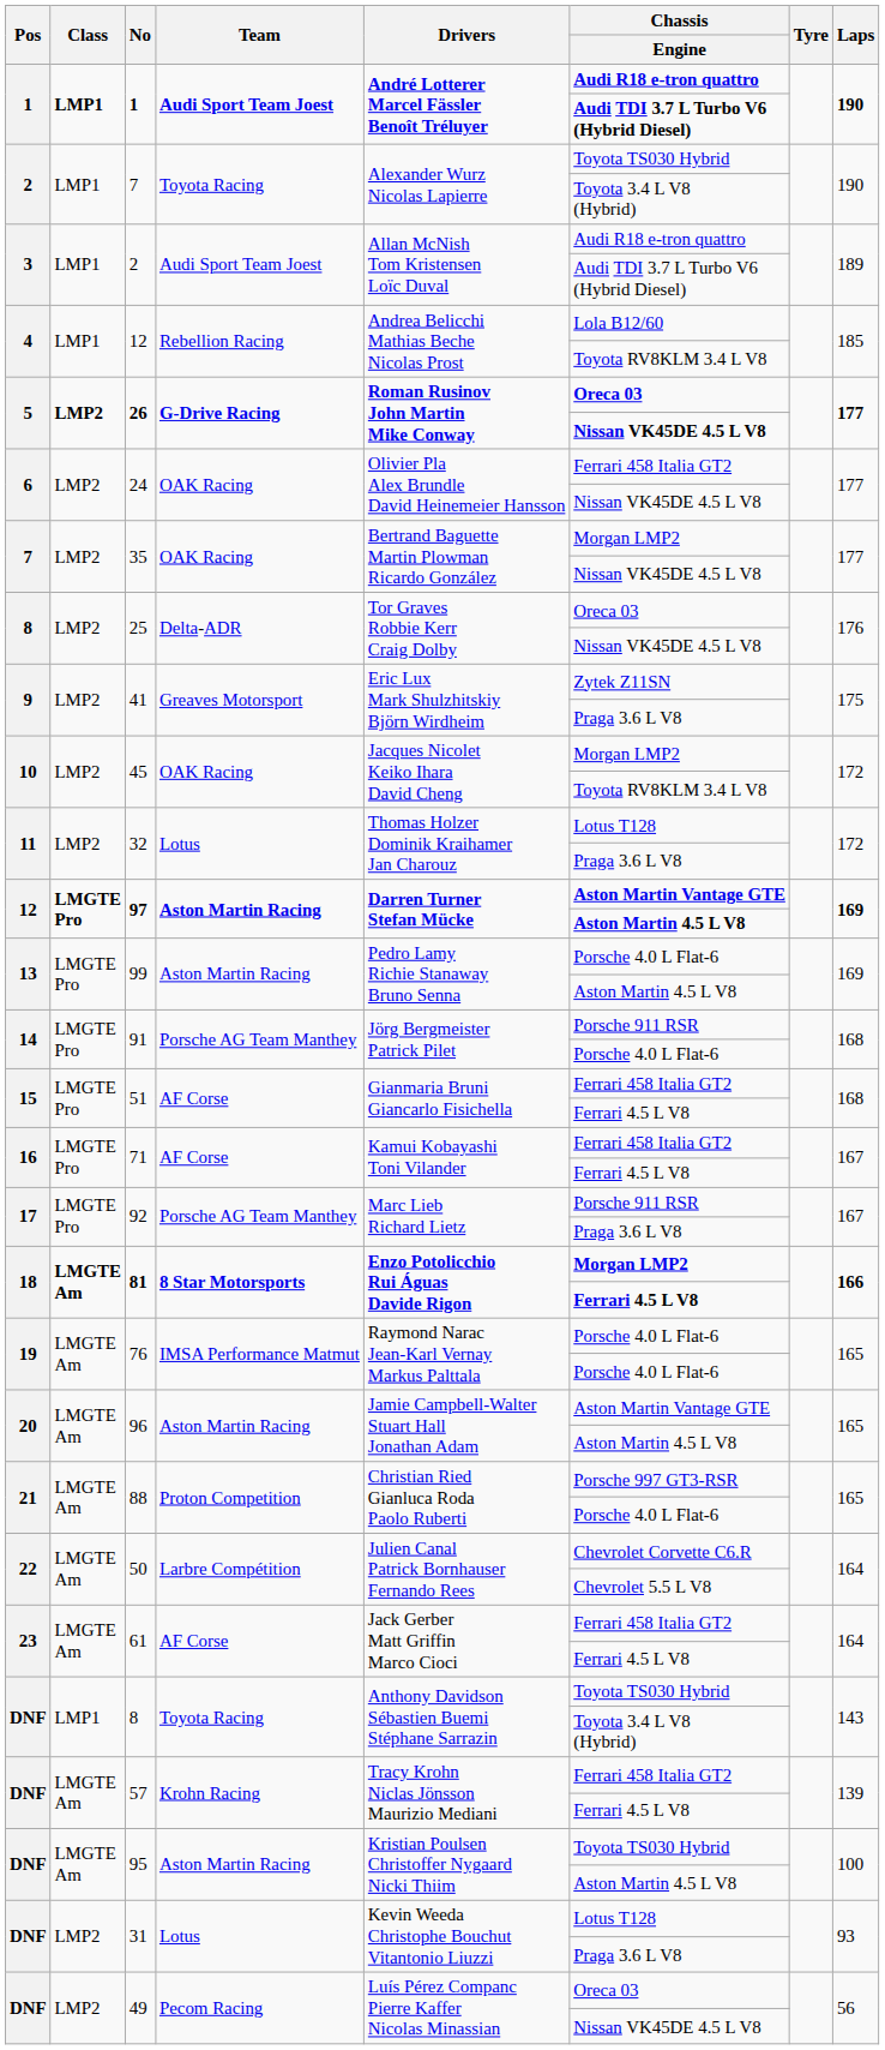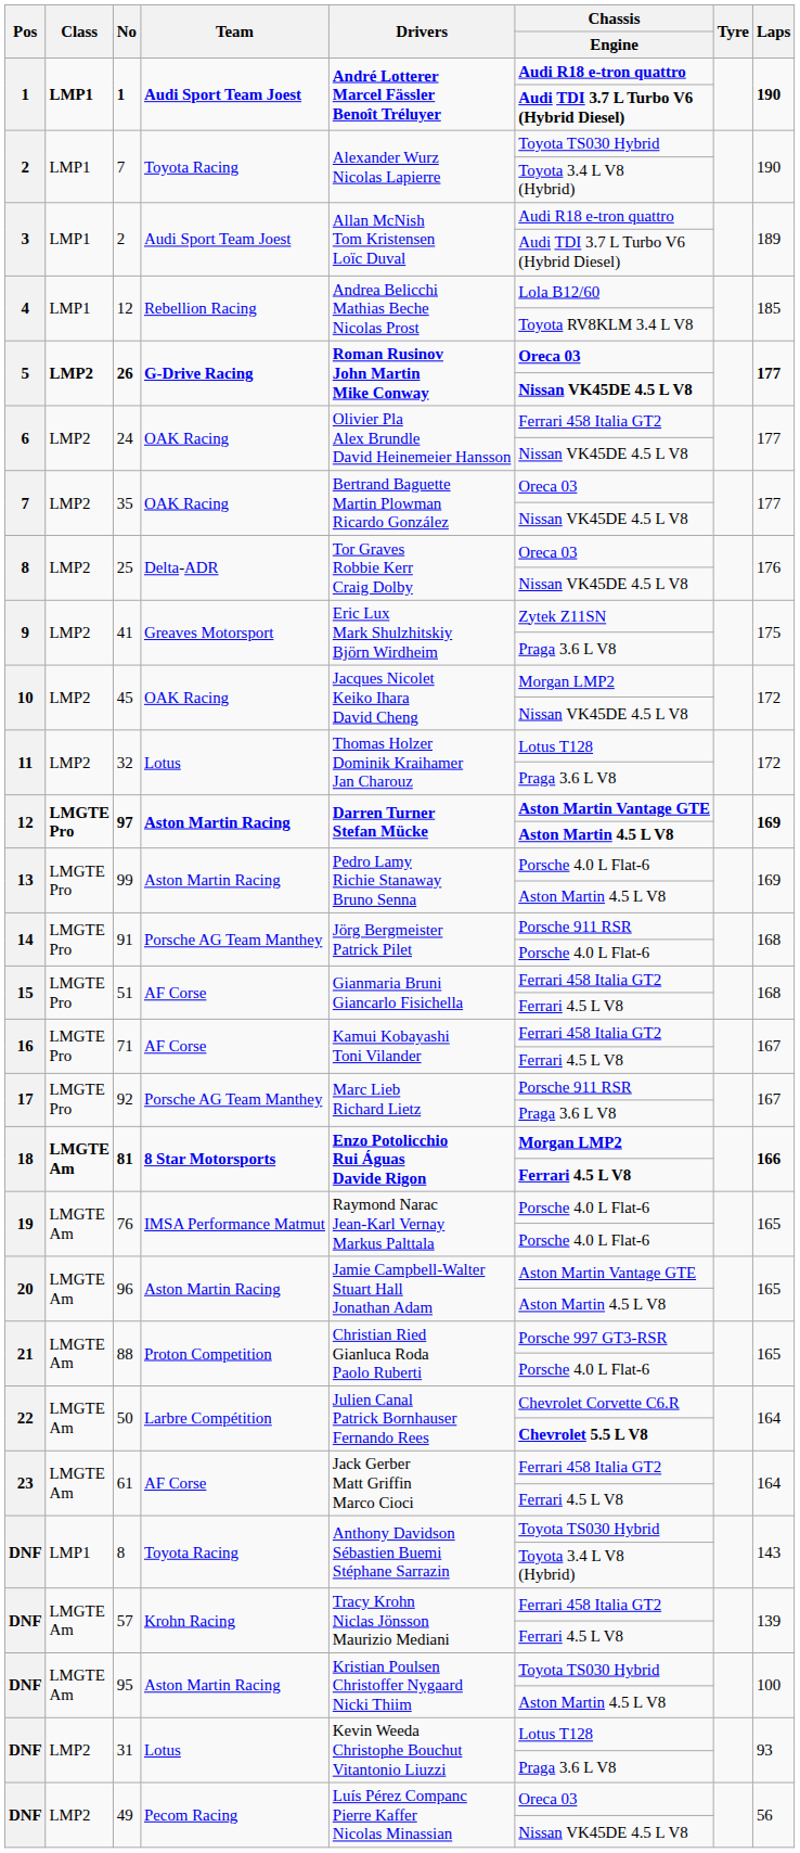 <table class="wikitable" style="font-size: 95%;">
 <tr>
 <th rowspan=2>Pos</th>
 <th rowspan=2>Class</th>
 <th rowspan=2>No</th>
 <th rowspan=2>Team</th>
 <th rowspan=2>Drivers</th>
 <th>Chassis</th>
 <th rowspan=2>Tyre</th>
 <th rowspan=2>Laps</th>
 </tr>
 <tr>
 <th>Engine</th>
 </tr>
 <tr style="font-weight:bold">
 <th rowspan=2>1</th>
 <td rowspan=2>LMP1</td>
 <td rowspan=2>1</td>
 <td rowspan=2> <a href='#'>Audi Sport Team Joest</a></td>
 <td rowspan=2> <a href='#'>André Lotterer</a><br> <a href='#'>Marcel Fässler</a><br> <a href='#'>Benoît Tréluyer</a></td>
 <td><a href='#'>Audi R18 e-tron quattro</a></td>
 <td rowspan=2></td>
 <td rowspan=2>190</td>
 </tr>
 <tr style="font-weight:bold">
 <td><a href='#'>Audi</a> <a href='#'>TDI</a> 3.7 L Turbo V6<br>(Hybrid Diesel)</td>
 </tr>
 <tr>
 <th rowspan=2>2</th>
 <td rowspan=2>LMP1</td>
 <td rowspan=2>7</td>
 <td rowspan=2> <a href='#'>Toyota Racing</a></td>
 <td rowspan=2> <a href='#'>Alexander Wurz</a><br> <a href='#'>Nicolas Lapierre</a></td>
 <td><a href='#'>Toyota TS030 Hybrid</a></td>
 <td rowspan=2></td>
 <td rowspan=2>190</td>
 </tr>
 <tr>
 <td><a href='#'>Toyota</a> 3.4 L V8<br>(Hybrid)</td>
 </tr>
 <tr>
 <th rowspan=2>3</th>
 <td rowspan=2>LMP1</td>
 <td rowspan=2>2</td>
 <td rowspan=2> <a href='#'>Audi Sport Team Joest</a></td>
 <td rowspan=2> <a href='#'>Allan McNish</a><br> <a href='#'>Tom Kristensen</a><br> <a href='#'>Loïc Duval</a></td>
 <td><a href='#'>Audi R18 e-tron quattro</a></td>
 <td rowspan=2></td>
 <td rowspan=2>189</td>
 </tr>
 <tr>
 <td><a href='#'>Audi</a> <a href='#'>TDI</a> 3.7 L Turbo V6<br>(Hybrid Diesel)</td>
 </tr>
 <tr>
 <th rowspan=2>4</th>
 <td rowspan=2>LMP1</td>
 <td rowspan=2>12</td>
 <td rowspan=2> <a href='#'>Rebellion Racing</a></td>
 <td rowspan=2> <a href='#'>Andrea Belicchi</a><br> <a href='#'>Mathias Beche</a><br> <a href='#'>Nicolas Prost</a></td>
 <td><a href='#'>Lola B12/60</a></td>
 <td rowspan=2></td>
 <td rowspan=2>185</td>
 </tr>
 <tr>
 <td><a href='#'>Toyota</a> RV8KLM 3.4 L V8</td>
 </tr>
 <tr style="font-weight:bold">
 <th rowspan=2>5</th>
 <td rowspan=2>LMP2</td>
 <td rowspan=2>26</td>
 <td rowspan=2> <a href='#'>G-Drive Racing</a></td>
 <td rowspan=2> <a href='#'>Roman Rusinov</a><br> <a href='#'>John Martin</a><br> <a href='#'>Mike Conway</a></td>
 <td><a href='#'>Oreca 03</a></td>
 <td rowspan=2></td>
 <td rowspan=2>177</td>
 </tr>
 <tr style="font-weight:bold">
 <td><a href='#'>Nissan</a> VK45DE 4.5 L V8</td>
 </tr>
 <tr>
 <th rowspan=2>6</th>
 <td rowspan=2>LMP2</td>
 <td rowspan=2>24</td>
 <td rowspan=2> <a href='#'>OAK Racing</a></td>
 <td rowspan=2> <a href='#'>Olivier Pla</a><br> <a href='#'>Alex Brundle</a><br> <a href='#'>David Heinemeier Hansson</a></td>
 <td><a href='#'>Ferrari 458 Italia GT2</a></td>
 <td rowspan=2></td>
 <td rowspan=2>177</td>
 </tr>
 <tr>
 <td><a href='#'>Nissan</a> VK45DE 4.5 L V8</td>
 </tr>
 <tr>
 <th rowspan=2>7</th>
 <td rowspan=2>LMP2</td>
 <td rowspan=2>35</td>
 <td rowspan=2> <a href='#'>OAK Racing</a></td>
 <td rowspan=2> <a href='#'>Bertrand Baguette</a><br> <a href='#'>Martin Plowman</a><br> <a href='#'>Ricardo González</a></td>
-<td><a href='#'>Morgan LMP2</a></td>
+<td><a href='#'>Oreca 03</a></td>
 <td rowspan=2></td>
 <td rowspan=2>177</td>
 </tr>
 <tr>
 <td><a href='#'>Nissan</a> VK45DE 4.5 L V8</td>
 </tr>
 <tr>
 <th rowspan=2>8</th>
 <td rowspan=2>LMP2</td>
 <td rowspan=2>25</td>
 <td rowspan=2> <a href='#'>Delta</a>-<a href='#'>ADR</a></td>
 <td rowspan=2> <a href='#'>Tor Graves</a><br> <a href='#'>Robbie Kerr</a><br> <a href='#'>Craig Dolby</a></td>
 <td><a href='#'>Oreca 03</a></td>
 <td rowspan=2></td>
 <td rowspan=2>176</td>
 </tr>
 <tr>
 <td><a href='#'>Nissan</a> VK45DE 4.5 L V8</td>
 </tr>
 <tr>
 <th rowspan=2>9</th>
 <td rowspan=2>LMP2</td>
 <td rowspan=2>41</td>
 <td rowspan=2> <a href='#'>Greaves Motorsport</a></td>
 <td rowspan=2> <a href='#'>Eric Lux</a><br> <a href='#'>Mark Shulzhitskiy</a><br> <a href='#'>Björn Wirdheim</a></td>
 <td><a href='#'>Zytek Z11SN</a></td>
 <td rowspan=2></td>
 <td rowspan=2>175</td>
 </tr>
 <tr>
 <td><a href='#'>Praga</a> 3.6 L V8</td>
 </tr>
 <tr>
 <th rowspan=2>10</th>
 <td rowspan=2>LMP2</td>
 <td rowspan=2>45</td>
 <td rowspan=2> <a href='#'>OAK Racing</a></td>
 <td rowspan=2> <a href='#'>Jacques Nicolet</a><br> <a href='#'>Keiko Ihara</a><br> <a href='#'>David Cheng</a></td>
 <td><a href='#'>Morgan LMP2</a></td>
 <td rowspan=2></td>
 <td rowspan=2>172</td>
 </tr>
 <tr>
-<td><a href='#'>Toyota</a> RV8KLM 3.4 L V8</td>
+<td><a href='#'>Nissan</a> VK45DE 4.5 L V8</td>
 </tr>
 <tr>
 <th rowspan=2>11</th>
 <td rowspan=2>LMP2</td>
 <td rowspan=2>32</td>
 <td rowspan=2> <a href='#'>Lotus</a></td>
 <td rowspan=2> <a href='#'>Thomas Holzer</a><br> <a href='#'>Dominik Kraihamer</a><br> <a href='#'>Jan Charouz</a></td>
 <td><a href='#'>Lotus T128</a></td>
 <td rowspan=2></td>
 <td rowspan=2>172</td>
 </tr>
 <tr>
 <td><a href='#'>Praga</a> 3.6 L V8</td>
 </tr>
 <tr style="font-weight:bold">
 <th rowspan=2>12</th>
 <td rowspan=2>LMGTE<br>Pro</td>
 <td rowspan=2>97</td>
 <td rowspan=2> <a href='#'>Aston Martin Racing</a></td>
 <td rowspan=2> <a href='#'>Darren Turner</a><br> <a href='#'>Stefan Mücke</a></td>
 <td><a href='#'>Aston Martin Vantage GTE</a></td>
 <td rowspan=2></td>
 <td rowspan=2>169</td>
 </tr>
 <tr style="font-weight:bold">
 <td><a href='#'>Aston Martin</a> 4.5 L V8</td>
 </tr>
 <tr>
 <th rowspan=2>13</th>
 <td rowspan=2>LMGTE<br>Pro</td>
 <td rowspan=2>99</td>
 <td rowspan=2> <a href='#'>Aston Martin Racing</a></td>
 <td rowspan=2> <a href='#'>Pedro Lamy</a><br> <a href='#'>Richie Stanaway</a><br> <a href='#'>Bruno Senna</a></td>
 <td><a href='#'>Porsche</a> 4.0 L Flat-6</td>
 <td rowspan=2></td>
 <td rowspan=2>169</td>
 </tr>
 <tr>
 <td><a href='#'>Aston Martin</a> 4.5 L V8</td>
 </tr>
 <tr>
 <th rowspan=2>14</th>
 <td rowspan=2>LMGTE<br>Pro</td>
 <td rowspan=2>91</td>
 <td rowspan=2> <a href='#'>Porsche AG Team Manthey</a></td>
 <td rowspan=2> <a href='#'>Jörg Bergmeister</a><br> <a href='#'>Patrick Pilet</a></td>
 <td><a href='#'>Porsche 911 RSR</a></td>
 <td rowspan=2></td>
 <td rowspan=2>168</td>
 </tr>
 <tr>
 <td><a href='#'>Porsche</a> 4.0 L Flat-6</td>
 </tr>
 <tr>
 <th rowspan=2>15</th>
 <td rowspan=2>LMGTE<br>Pro</td>
 <td rowspan=2>51</td>
 <td rowspan=2> <a href='#'>AF Corse</a></td>
 <td rowspan=2> <a href='#'>Gianmaria Bruni</a><br> <a href='#'>Giancarlo Fisichella</a></td>
 <td><a href='#'>Ferrari 458 Italia GT2</a></td>
 <td rowspan=2></td>
 <td rowspan=2>168</td>
 </tr>
 <tr>
 <td><a href='#'>Ferrari</a> 4.5 L V8</td>
 </tr>
 <tr>
 <th rowspan=2>16</th>
 <td rowspan=2>LMGTE<br>Pro</td>
 <td rowspan=2>71</td>
 <td rowspan=2> <a href='#'>AF Corse</a></td>
 <td rowspan=2> <a href='#'>Kamui Kobayashi</a><br> <a href='#'>Toni Vilander</a></td>
 <td><a href='#'>Ferrari 458 Italia GT2</a></td>
 <td rowspan=2></td>
 <td rowspan=2>167</td>
 </tr>
 <tr>
 <td><a href='#'>Ferrari</a> 4.5 L V8</td>
 </tr>
 <tr>
 <th rowspan=2>17</th>
 <td rowspan=2>LMGTE<br>Pro</td>
 <td rowspan=2>92</td>
 <td rowspan=2> <a href='#'>Porsche AG Team Manthey</a></td>
 <td rowspan=2> <a href='#'>Marc Lieb</a><br> <a href='#'>Richard Lietz</a></td>
 <td><a href='#'>Porsche 911 RSR</a></td>
 <td rowspan=2></td>
 <td rowspan=2>167</td>
 </tr>
 <tr>
 <td><a href='#'>Praga</a> 3.6 L V8</td>
 </tr>
 <tr style="font-weight:bold">
 <th rowspan=2>18</th>
 <td rowspan=2>LMGTE<br>Am</td>
 <td rowspan=2>81</td>
 <td rowspan=2> <a href='#'>8 Star Motorsports</a></td>
 <td rowspan=2> <a href='#'>Enzo Potolicchio</a><br> <a href='#'>Rui Águas</a><br> <a href='#'>Davide Rigon</a></td>
 <td><a href='#'>Morgan LMP2</a></td>
 <td rowspan=2></td>
 <td rowspan=2>166</td>
 </tr>
 <tr style="font-weight:bold">
 <td><a href='#'>Ferrari</a> 4.5 L V8</td>
 </tr>
 <tr>
 <th rowspan=2>19</th>
 <td rowspan=2>LMGTE<br>Am</td>
 <td rowspan=2>76</td>
 <td rowspan=2> <a href='#'>IMSA Performance Matmut</a></td>
 <td rowspan=2> Raymond Narac<br> <a href='#'>Jean-Karl Vernay</a><br> <a href='#'>Markus Palttala</a></td>
 <td><a href='#'>Porsche</a> 4.0 L Flat-6</td>
 <td rowspan=2></td>
 <td rowspan=2>165</td>
 </tr>
 <tr>
 <td><a href='#'>Porsche</a> 4.0 L Flat-6</td>
 </tr>
 <tr>
 <th rowspan=2>20</th>
 <td rowspan=2>LMGTE<br>Am</td>
 <td rowspan=2>96</td>
 <td rowspan=2> <a href='#'>Aston Martin Racing</a></td>
 <td rowspan=2> <a href='#'>Jamie Campbell-Walter</a><br> <a href='#'>Stuart Hall</a><br> <a href='#'>Jonathan Adam</a></td>
 <td><a href='#'>Aston Martin Vantage GTE</a></td>
 <td rowspan=2></td>
 <td rowspan=2>165</td>
 </tr>
 <tr>
 <td><a href='#'>Aston Martin</a> 4.5 L V8</td>
 </tr>
 <tr>
 <th rowspan=2>21</th>
 <td rowspan=2>LMGTE<br>Am</td>
 <td rowspan=2>88</td>
 <td rowspan=2> <a href='#'>Proton Competition</a></td>
 <td rowspan=2> <a href='#'>Christian Ried</a><br> Gianluca Roda<br> <a href='#'>Paolo Ruberti</a></td>
 <td><a href='#'>Porsche 997 GT3-RSR</a></td>
 <td rowspan=2></td>
 <td rowspan=2>165</td>
 </tr>
 <tr>
 <td><a href='#'>Porsche</a> 4.0 L Flat-6</td>
 </tr>
 <tr>
 <th rowspan=2>22</th>
 <td rowspan=2>LMGTE<br>Am</td>
 <td rowspan=2>50</td>
 <td rowspan=2> <a href='#'>Larbre Compétition</a></td>
 <td rowspan=2> <a href='#'>Julien Canal</a><br> <a href='#'>Patrick Bornhauser</a><br> <a href='#'>Fernando Rees</a></td>
 <td><a href='#'>Chevrolet Corvette C6.R</a></td>
 <td rowspan=2></td>
 <td rowspan=2>164</td>
 </tr>
 <tr>
-<td><a href='#'>Chevrolet</a> 5.5 L V8</td>
+<td><strong><a href='#'>Chevrolet</a> 5.5 L V8</strong></td>
 </tr>
 <tr>
 <th rowspan=2>23</th>
 <td rowspan=2>LMGTE<br>Am</td>
 <td rowspan=2>61</td>
 <td rowspan=2> <a href='#'>AF Corse</a></td>
 <td rowspan=2> Jack Gerber<br> Matt Griffin<br> Marco Cioci</td>
 <td><a href='#'>Ferrari 458 Italia GT2</a></td>
 <td rowspan=2></td>
 <td rowspan=2>164</td>
 </tr>
 <tr>
 <td><a href='#'>Ferrari</a> 4.5 L V8</td>
 </tr>
 <tr>
 <th rowspan=2>DNF</th>
 <td rowspan=2>LMP1</td>
 <td rowspan=2>8</td>
 <td rowspan=2> <a href='#'>Toyota Racing</a></td>
 <td rowspan=2> <a href='#'>Anthony Davidson</a><br> <a href='#'>Sébastien Buemi</a><br> <a href='#'>Stéphane Sarrazin</a></td>
 <td><a href='#'>Toyota TS030 Hybrid</a></td>
 <td rowspan=2></td>
 <td rowspan=2>143</td>
 </tr>
 <tr>
 <td><a href='#'>Toyota</a> 3.4 L V8<br>(Hybrid)</td>
 </tr>
 <tr>
 <th rowspan=2>DNF</th>
 <td rowspan=2>LMGTE<br>Am</td>
 <td rowspan=2>57</td>
 <td rowspan=2> <a href='#'>Krohn Racing</a></td>
 <td rowspan=2> <a href='#'>Tracy Krohn</a><br> <a href='#'>Niclas Jönsson</a><br> Maurizio Mediani</td>
 <td><a href='#'>Ferrari 458 Italia GT2</a></td>
 <td rowspan=2></td>
 <td rowspan=2>139</td>
 </tr>
 <tr>
 <td><a href='#'>Ferrari</a> 4.5 L V8</td>
 </tr>
 <tr>
 <th rowspan=2>DNF</th>
 <td rowspan=2>LMGTE<br>Am</td>
 <td rowspan=2>95</td>
 <td rowspan=2> <a href='#'>Aston Martin Racing</a></td>
 <td rowspan=2> <a href='#'>Kristian Poulsen</a><br> <a href='#'>Christoffer Nygaard</a><br> <a href='#'>Nicki Thiim</a></td>
 <td><a href='#'>Toyota TS030 Hybrid</a></td>
 <td rowspan=2></td>
 <td rowspan=2>100</td>
 </tr>
 <tr>
 <td><a href='#'>Aston Martin</a> 4.5 L V8</td>
 </tr>
 <tr>
 <th rowspan=2>DNF</th>
 <td rowspan=2>LMP2</td>
 <td rowspan=2>31</td>
 <td rowspan=2> <a href='#'>Lotus</a></td>
 <td rowspan=2> Kevin Weeda<br> <a href='#'>Christophe Bouchut</a><br> <a href='#'>Vitantonio Liuzzi</a></td>
 <td><a href='#'>Lotus T128</a></td>
 <td rowspan=2></td>
 <td rowspan=2>93</td>
 </tr>
 <tr>
 <td><a href='#'>Praga</a> 3.6 L V8</td>
 </tr>
 <tr>
 <th rowspan=2>DNF</th>
 <td rowspan=2>LMP2</td>
 <td rowspan=2>49</td>
 <td rowspan=2> <a href='#'>Pecom Racing</a></td>
 <td rowspan=2> <a href='#'>Luís Pérez Companc</a><br> <a href='#'>Pierre Kaffer</a><br> <a href='#'>Nicolas Minassian</a></td>
 <td><a href='#'>Oreca 03</a></td>
 <td rowspan=2></td>
 <td rowspan=2>56</td>
 </tr>
 <tr>
 <td><a href='#'>Nissan</a> VK45DE 4.5 L V8</td>
 </tr>
 </table>
